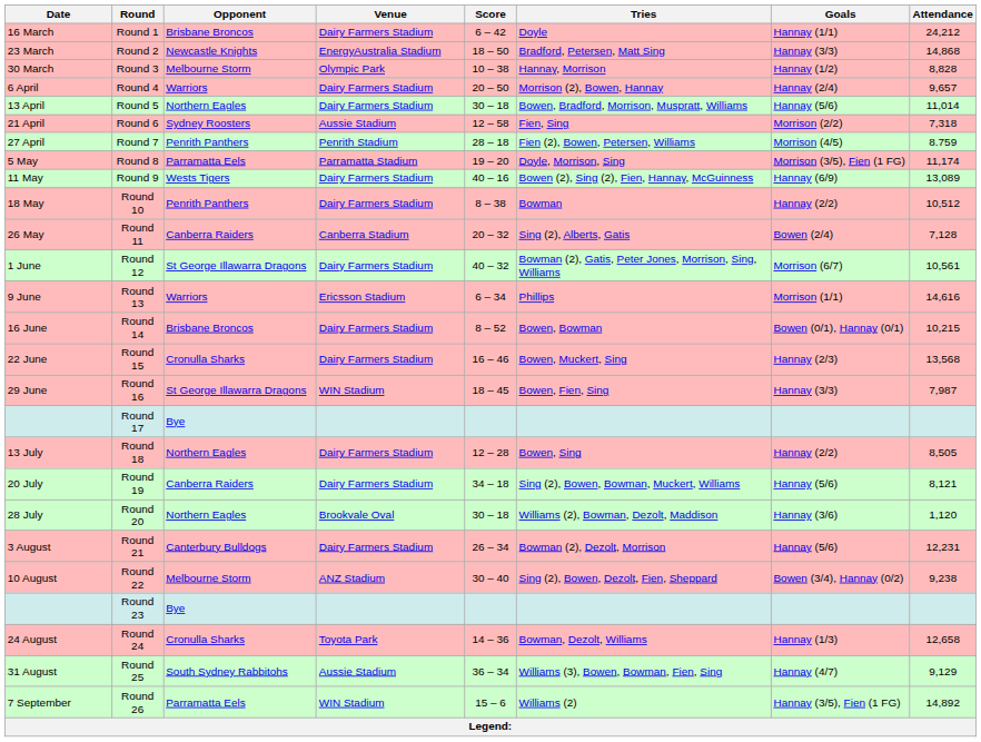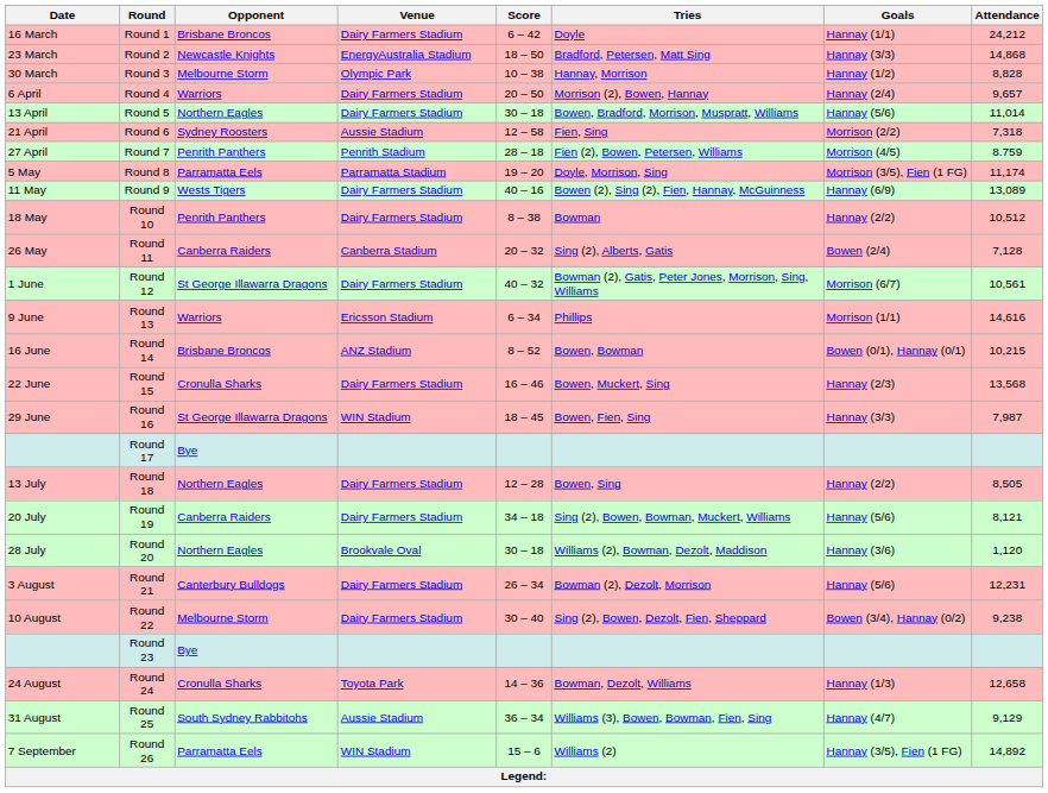 <table class="wikitable" style="font-size:75%;">
 <tr>
 <th style="width:110px;">Date</th>
 <th style="width:50px;">Round</th>
 <th style="width:160px;">Opponent</th>
 <th style="width:155px;">Venue</th>
 <th style="width:50px;">Score</th>
 <th style="width:270px;">Tries</th>
 <th style="width:145px;">Goals</th>
 <th style="width:60px;">Attendance</th>
 </tr>
 <tr style="background:#FFBBBB">
 <td>16 March</td>
 <td style="text-align:center;">Round 1</td>
 <td> <a href='#'>Brisbane Broncos</a></td>
 <td><a href='#'>Dairy Farmers Stadium</a></td>
 <td style="text-align:center;">6 – 42</td>
 <td><a href='#'>Doyle</a></td>
 <td><a href='#'>Hannay</a> (1/1)</td>
 <td style="text-align:center;">24,212</td>
 </tr>
 <tr style="background:#FFBBBB">
 <td>23 March</td>
 <td style="text-align:center;">Round 2</td>
 <td> <a href='#'>Newcastle Knights</a></td>
 <td><a href='#'>EnergyAustralia Stadium</a></td>
 <td style="text-align:center;">18 – 50</td>
 <td><a href='#'>Bradford</a>, <a href='#'>Petersen</a>, <a href='#'>Matt Sing</a></td>
 <td><a href='#'>Hannay</a> (3/3)</td>
 <td style="text-align:center;">14,868</td>
 </tr>
 <tr style="background:#FFBBBB">
 <td>30 March</td>
 <td style="text-align:center;">Round 3</td>
 <td> <a href='#'>Melbourne Storm</a></td>
 <td><a href='#'>Olympic Park</a></td>
 <td style="text-align:center;">10 – 38</td>
 <td><a href='#'>Hannay</a>, <a href='#'>Morrison</a></td>
 <td><a href='#'>Hannay</a> (1/2)</td>
 <td style="text-align:center;">8,828</td>
 </tr>
 <tr style="background:#FFBBBB">
 <td>6 April</td>
 <td style="text-align:center;">Round 4</td>
 <td> <a href='#'>Warriors</a></td>
 <td><a href='#'>Dairy Farmers Stadium</a></td>
 <td style="text-align:center;">20 – 50</td>
 <td><a href='#'>Morrison</a> (2), <a href='#'>Bowen</a>, <a href='#'>Hannay</a></td>
 <td><a href='#'>Hannay</a> (2/4)</td>
 <td style="text-align:center;">9,657</td>
 </tr>
 <tr style="background:#CCFFCC">
 <td>13 April</td>
 <td style="text-align:center;">Round 5</td>
 <td> <a href='#'>Northern Eagles</a></td>
 <td><a href='#'>Dairy Farmers Stadium</a></td>
 <td style="text-align:center;">30 – 18</td>
 <td><a href='#'>Bowen</a>, <a href='#'>Bradford</a>, <a href='#'>Morrison</a>, <a href='#'>Muspratt</a>, <a href='#'>Williams</a></td>
 <td><a href='#'>Hannay</a> (5/6)</td>
 <td style="text-align:center;">11,014</td>
 </tr>
 <tr style="background:#FFBBBB">
 <td>21 April</td>
 <td style="text-align:center;">Round 6</td>
 <td> <a href='#'>Sydney Roosters</a></td>
 <td><a href='#'>Aussie Stadium</a></td>
 <td style="text-align:center;">12 – 58</td>
 <td><a href='#'>Fien</a>, <a href='#'>Sing</a></td>
 <td><a href='#'>Morrison</a> (2/2)</td>
 <td style="text-align:center;">7,318</td>
 </tr>
 <tr style="background:#CCFFCC">
 <td>27 April</td>
 <td style="text-align:center;">Round 7</td>
 <td> <a href='#'>Penrith Panthers</a></td>
 <td><a href='#'>Penrith Stadium</a></td>
 <td style="text-align:center;">28 – 18</td>
 <td><a href='#'>Fien</a> (2), <a href='#'>Bowen</a>, <a href='#'>Petersen</a>, <a href='#'>Williams</a></td>
 <td><a href='#'>Morrison</a> (4/5)</td>
 <td style="text-align:center;">8.759</td>
 </tr>
 <tr style="background:#FFBBBB">
 <td>5 May</td>
 <td style="text-align:center;">Round 8</td>
 <td> <a href='#'>Parramatta Eels</a></td>
 <td><a href='#'>Parramatta Stadium</a></td>
 <td style="text-align:center;">19 – 20</td>
 <td><a href='#'>Doyle</a>, <a href='#'>Morrison</a>, <a href='#'>Sing</a></td>
 <td><a href='#'>Morrison</a> (3/5), <a href='#'>Fien</a> (1 FG)</td>
 <td style="text-align:center;">11,174</td>
 </tr>
 <tr style="background:#CCFFCC">
 <td>11 May</td>
 <td style="text-align:center;">Round 9</td>
 <td> <a href='#'>Wests Tigers</a></td>
 <td><a href='#'>Dairy Farmers Stadium</a></td>
 <td style="text-align:center;">40 – 16</td>
 <td><a href='#'>Bowen</a> (2), <a href='#'>Sing</a> (2), <a href='#'>Fien</a>, <a href='#'>Hannay</a>, <a href='#'>McGuinness</a></td>
 <td><a href='#'>Hannay</a> (6/9)</td>
 <td style="text-align:center;">13,089</td>
 </tr>
 <tr style="background:#FFBBBB">
 <td>18 May</td>
 <td style="text-align:center;">Round 10</td>
 <td> <a href='#'>Penrith Panthers</a></td>
 <td><a href='#'>Dairy Farmers Stadium</a></td>
 <td style="text-align:center;">8 – 38</td>
 <td><a href='#'>Bowman</a></td>
 <td><a href='#'>Hannay</a> (2/2)</td>
 <td style="text-align:center;">10,512</td>
 </tr>
 <tr style="background:#FFBBBB">
 <td>26 May</td>
 <td style="text-align:center;">Round 11</td>
 <td> <a href='#'>Canberra Raiders</a></td>
 <td><a href='#'>Canberra Stadium</a></td>
 <td style="text-align:center;">20 – 32</td>
 <td><a href='#'>Sing</a> (2), <a href='#'>Alberts</a>, <a href='#'>Gatis</a></td>
 <td><a href='#'>Bowen</a> (2/4)</td>
 <td style="text-align:center;">7,128</td>
 </tr>
 <tr style="background:#CCFFCC">
 <td>1 June</td>
 <td style="text-align:center;">Round 12</td>
 <td> <a href='#'>St George Illawarra Dragons</a></td>
 <td><a href='#'>Dairy Farmers Stadium</a></td>
 <td style="text-align:center;">40 – 32</td>
 <td><a href='#'>Bowman</a> (2), <a href='#'>Gatis</a>, <a href='#'>Peter Jones</a>, <a href='#'>Morrison</a>, <a href='#'>Sing</a>, <a href='#'>Williams</a></td>
 <td><a href='#'>Morrison</a> (6/7)</td>
 <td style="text-align:center;">10,561</td>
 </tr>
 <tr style="background:#FFBBBB">
 <td>9 June</td>
 <td style="text-align:center;">Round 13</td>
 <td> <a href='#'>Warriors</a></td>
 <td><a href='#'>Ericsson Stadium</a></td>
 <td style="text-align:center;">6 – 34</td>
 <td><a href='#'>Phillips</a></td>
 <td><a href='#'>Morrison</a> (1/1)</td>
 <td style="text-align:center;">14,616</td>
 </tr>
 <tr style="background:#FFBBBB">
 <td>16 June</td>
 <td style="text-align:center;">Round 14</td>
 <td> <a href='#'>Brisbane Broncos</a></td>
-<td><a href='#'>Dairy Farmers Stadium</a></td>
+<td><a href='#'>ANZ Stadium</a></td>
 <td style="text-align:center;">8 – 52</td>
 <td><a href='#'>Bowen</a>, <a href='#'>Bowman</a></td>
 <td><a href='#'>Bowen</a> (0/1), <a href='#'>Hannay</a> (0/1)</td>
 <td style="text-align:center;">10,215</td>
 </tr>
 <tr style="background:#FFBBBB">
 <td>22 June</td>
 <td style="text-align:center;">Round 15</td>
 <td> <a href='#'>Cronulla Sharks</a></td>
 <td><a href='#'>Dairy Farmers Stadium</a></td>
 <td style="text-align:center;">16 – 46</td>
 <td><a href='#'>Bowen</a>, <a href='#'>Muckert</a>, <a href='#'>Sing</a></td>
 <td><a href='#'>Hannay</a> (2/3)</td>
 <td style="text-align:center;">13,568</td>
 </tr>
 <tr style="background:#FFBBBB">
 <td>29 June</td>
 <td style="text-align:center;">Round 16</td>
 <td> <a href='#'>St George Illawarra Dragons</a></td>
 <td><a href='#'>WIN Stadium</a></td>
 <td style="text-align:center;">18 – 45</td>
 <td><a href='#'>Bowen</a>, <a href='#'>Fien</a>, <a href='#'>Sing</a></td>
 <td><a href='#'>Hannay</a> (3/3)</td>
 <td style="text-align:center;">7,987</td>
 </tr>
 <tr style="background:#cfecec;">
 <td></td>
 <td style="text-align:center;">Round 17</td>
 <td><a href='#'>Bye</a></td>
 <td></td>
 <td></td>
 <td></td>
 <td></td>
 <td></td>
 </tr>
 <tr style="background:#FFBBBB">
 <td>13 July</td>
 <td style="text-align:center;">Round 18</td>
 <td> <a href='#'>Northern Eagles</a></td>
 <td><a href='#'>Dairy Farmers Stadium</a></td>
 <td style="text-align:center;">12 – 28</td>
 <td><a href='#'>Bowen</a>, <a href='#'>Sing</a></td>
 <td><a href='#'>Hannay</a> (2/2)</td>
 <td style="text-align:center;">8,505</td>
 </tr>
 <tr style="background:#CCFFCC">
 <td>20 July</td>
 <td style="text-align:center;">Round 19</td>
 <td> <a href='#'>Canberra Raiders</a></td>
 <td><a href='#'>Dairy Farmers Stadium</a></td>
 <td style="text-align:center;">34 – 18</td>
 <td><a href='#'>Sing</a> (2), <a href='#'>Bowen</a>, <a href='#'>Bowman</a>, <a href='#'>Muckert</a>, <a href='#'>Williams</a></td>
 <td><a href='#'>Hannay</a> (5/6)</td>
 <td style="text-align:center;">8,121</td>
 </tr>
 <tr style="background:#CCFFCC">
 <td>28 July</td>
 <td style="text-align:center;">Round 20</td>
 <td> <a href='#'>Northern Eagles</a></td>
 <td><a href='#'>Brookvale Oval</a></td>
 <td style="text-align:center;">30 – 18</td>
 <td><a href='#'>Williams</a> (2), <a href='#'>Bowman</a>, <a href='#'>Dezolt</a>, <a href='#'>Maddison</a></td>
 <td><a href='#'>Hannay</a>  (3/6)</td>
 <td style="text-align:center;">1,120</td>
 </tr>
 <tr style="background:#FFBBBB">
 <td>3 August</td>
 <td style="text-align:center;">Round 21</td>
 <td> <a href='#'>Canterbury Bulldogs</a></td>
 <td><a href='#'>Dairy Farmers Stadium</a></td>
 <td style="text-align:center;">26 – 34</td>
 <td><a href='#'>Bowman</a> (2), <a href='#'>Dezolt</a>, <a href='#'>Morrison</a></td>
 <td><a href='#'>Hannay</a> (5/6)</td>
 <td style="text-align:center;">12,231</td>
 </tr>
 <tr style="background:#FFBBBB">
 <td>10 August</td>
 <td style="text-align:center;">Round 22</td>
 <td> <a href='#'>Melbourne Storm</a></td>
-<td><a href='#'>ANZ Stadium</a></td>
+<td><a href='#'>Dairy Farmers Stadium</a></td>
 <td style="text-align:center;">30 – 40</td>
 <td><a href='#'>Sing</a> (2), <a href='#'>Bowen</a>, <a href='#'>Dezolt</a>, <a href='#'>Fien</a>, <a href='#'>Sheppard</a></td>
 <td><a href='#'>Bowen</a> (3/4), <a href='#'>Hannay</a> (0/2)</td>
 <td style="text-align:center;">9,238</td>
 </tr>
 <tr style="background:#cfecec;">
 <td></td>
 <td style="text-align:center;">Round 23</td>
 <td><a href='#'>Bye</a></td>
 <td></td>
 <td></td>
 <td></td>
 <td></td>
 <td></td>
 </tr>
 <tr style="background:#FFBBBB">
 <td>24 August</td>
 <td style="text-align:center;">Round 24</td>
 <td> <a href='#'>Cronulla Sharks</a></td>
 <td><a href='#'>Toyota Park</a></td>
 <td style="text-align:center;">14 – 36</td>
 <td><a href='#'>Bowman</a>, <a href='#'>Dezolt</a>, <a href='#'>Williams</a></td>
 <td><a href='#'>Hannay</a> (1/3)</td>
 <td style="text-align:center;">12,658</td>
 </tr>
 <tr style="background:#CCFFCC">
 <td>31 August</td>
 <td style="text-align:center;">Round 25</td>
 <td> <a href='#'>South Sydney Rabbitohs</a></td>
 <td><a href='#'>Aussie Stadium</a></td>
 <td style="text-align:center;">36 – 34</td>
 <td><a href='#'>Williams</a> (3), <a href='#'>Bowen</a>, <a href='#'>Bowman</a>, <a href='#'>Fien</a>, <a href='#'>Sing</a></td>
 <td><a href='#'>Hannay</a> (4/7)</td>
 <td style="text-align:center;">9,129</td>
 </tr>
 <tr style="background:#CCFFCC">
 <td>7 September</td>
 <td style="text-align:center;">Round 26</td>
 <td> <a href='#'>Parramatta Eels</a></td>
 <td><a href='#'>WIN Stadium</a></td>
 <td style="text-align:center;">15 – 6</td>
 <td><a href='#'>Williams</a> (2)</td>
 <td><a href='#'>Hannay</a> (3/5), <a href='#'>Fien</a> (1 FG)</td>
 <td style="text-align:center;">14,892</td>
 </tr>
 <tr>
 <th colspan="11"><strong>Legend</strong>:    </th>
 </tr>
 </table>
